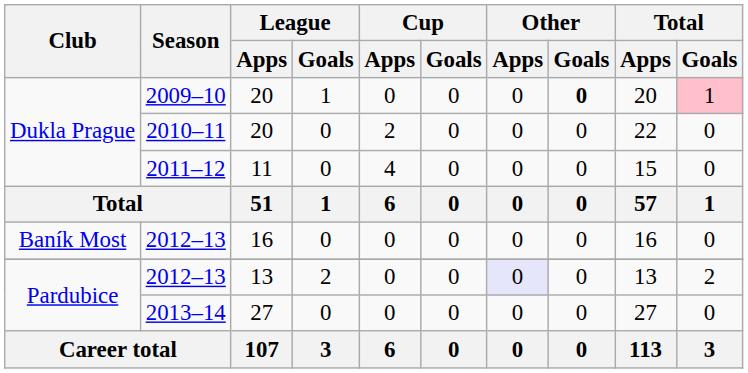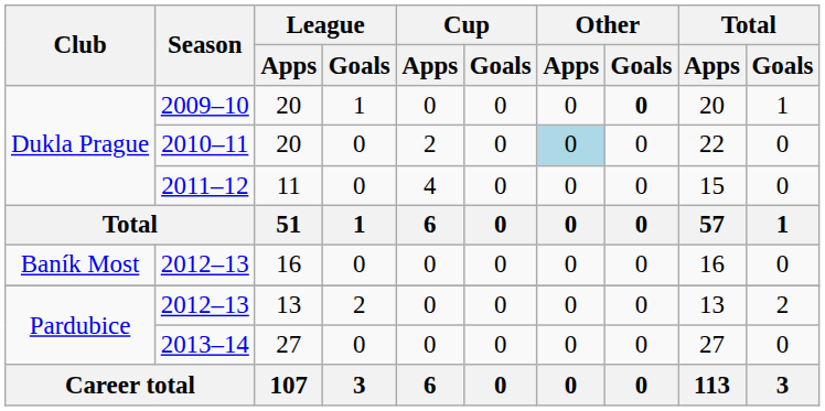 <table class="wikitable" style="text-align:center">
 <tr>
 <th rowspan="2">Club</th>
 <th rowspan="2">Season</th>
 <th colspan="2">League</th>
 <th colspan="2">Cup</th>
 <th colspan="2">Other</th>
 <th colspan="2">Total</th>
 </tr>
 <tr>
 <th>Apps</th>
 <th>Goals</th>
 <th>Apps</th>
 <th>Goals</th>
 <th>Apps</th>
 <th>Goals</th>
 <th>Apps</th>
 <th>Goals</th>
 </tr>
 <tr>
 <td rowspan="3"><a href='#'>Dukla Prague</a></td>
 <td><a href='#'>2009–10</a></td>
 <td>20</td>
 <td>1</td>
 <td>0</td>
 <td>0</td>
 <td>0</td>
 <td><strong>0</strong></td>
 <td>20</td>
-<td style="background: pink;">1</td>
+<td>1</td>
 </tr>
 <tr>
 <td><a href='#'>2010–11</a></td>
 <td>20</td>
 <td>0</td>
 <td>2</td>
 <td>0</td>
-<td>0</td>
+<td style="background: lightblue;">0</td>
 <td>0</td>
 <td>22</td>
 <td>0</td>
 </tr>
 <tr>
 <td><a href='#'>2011–12</a></td>
 <td>11</td>
 <td>0</td>
 <td>4</td>
 <td>0</td>
 <td>0</td>
 <td>0</td>
 <td>15</td>
 <td>0</td>
 </tr>
 <tr>
 <th colspan="2">Total</th>
 <th>51</th>
 <th>1</th>
 <th>6</th>
 <th>0</th>
 <th>0</th>
 <th>0</th>
 <th>57</th>
 <th>1</th>
 </tr>
 <tr>
 <td><a href='#'>Baník Most</a></td>
 <td><a href='#'>2012–13</a></td>
 <td>16</td>
 <td>0</td>
 <td>0</td>
 <td>0</td>
 <td>0</td>
 <td>0</td>
 <td>16</td>
 <td>0</td>
 </tr>
 <tr>
 </tr>
 <tr>
 <td rowspan="2"><a href='#'>Pardubice</a></td>
 <td><a href='#'>2012–13</a></td>
 <td>13</td>
 <td>2</td>
 <td>0</td>
 <td>0</td>
-<td style="background: lavender;">0</td>
+<td>0</td>
 <td>0</td>
 <td>13</td>
 <td>2</td>
 </tr>
 <tr>
 <td><a href='#'>2013–14</a></td>
 <td>27</td>
 <td>0</td>
 <td>0</td>
 <td>0</td>
 <td>0</td>
 <td>0</td>
 <td>27</td>
 <td>0</td>
 </tr>
 <tr>
 <th colspan="2">Career total</th>
 <th>107</th>
 <th>3</th>
 <th>6</th>
 <th>0</th>
 <th>0</th>
 <th>0</th>
 <th>113</th>
 <th>3</th>
 </tr>
 </table>
